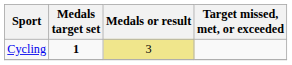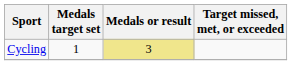 <table class="wikitable sortable" style="font-size:90%; text-align:center;">
 <tr>
 <th>Sport</th>
 <th>Medals<br> target set</th>
 <th>Medals or result</th>
 <th>Target missed,<br> met, or exceeded</th>
 </tr>
 <tr>
 <td><a href='#'>Cycling</a></td>
-<td style="text-align:center;"><strong>1</strong></td>
+<td style="text-align:center;">1</td>
 <td style="background: khaki; text-align:center;">3</td>
 <td style="text-align:center;"></td>
 </tr>
 <tr>
 </tr>
 </table>
